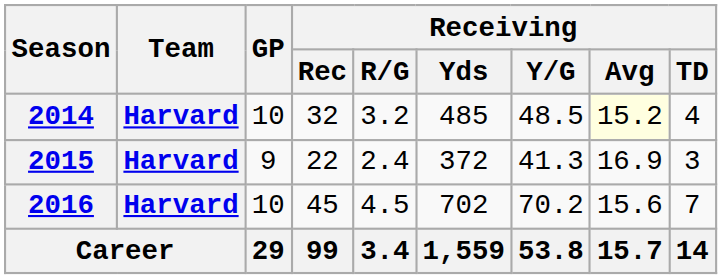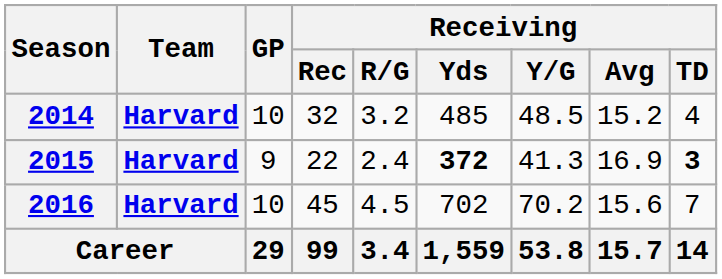 <table class="wikitable" style="text-align:center;">
 <tr>
 <th rowspan="2">Season</th>
 <th rowspan="2">Team</th>
 <th rowspan="2">GP</th>
 <th colspan="6">Receiving</th>
 </tr>
 <tr>
 <th>Rec</th>
 <th>R/G</th>
 <th>Yds</th>
 <th>Y/G</th>
 <th>Avg</th>
 <th>TD</th>
 </tr>
 <tr>
 <th><a href='#'>2014</a></th>
 <th><a href='#'>Harvard</a></th>
 <td>10</td>
 <td>32</td>
 <td>3.2</td>
 <td>485</td>
 <td>48.5</td>
-<td style="background: lightyellow;">15.2</td>
+<td>15.2</td>
 <td>4</td>
 </tr>
 <tr>
 <th><a href='#'>2015</a></th>
 <th><a href='#'>Harvard</a></th>
 <td>9</td>
 <td>22</td>
 <td>2.4</td>
-<td>372</td>
+<td><strong>372</strong></td>
 <td>41.3</td>
 <td>16.9</td>
-<td>3</td>
+<td><strong>3</strong></td>
 </tr>
 <tr>
 <th><a href='#'>2016</a></th>
 <th><a href='#'>Harvard</a></th>
 <td>10</td>
 <td>45</td>
 <td>4.5</td>
 <td>702</td>
 <td>70.2</td>
 <td>15.6</td>
 <td>7</td>
 </tr>
 <tr>
 <th colspan="2">Career</th>
 <th>29</th>
 <th>99</th>
 <th>3.4</th>
 <th>1,559</th>
 <th>53.8</th>
 <th>15.7</th>
 <th>14</th>
 </tr>
 </table>
